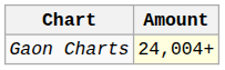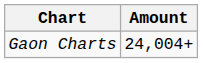 <table class="wikitable">
 <tr>
 <th>Chart</th>
 <th>Amount</th>
 </tr>
 <tr>
 <td><em>Gaon Charts</em></td>
-<td style="background: lightyellow;">24,004+</td>
+<td>24,004+</td>
 </tr>
 </table>
